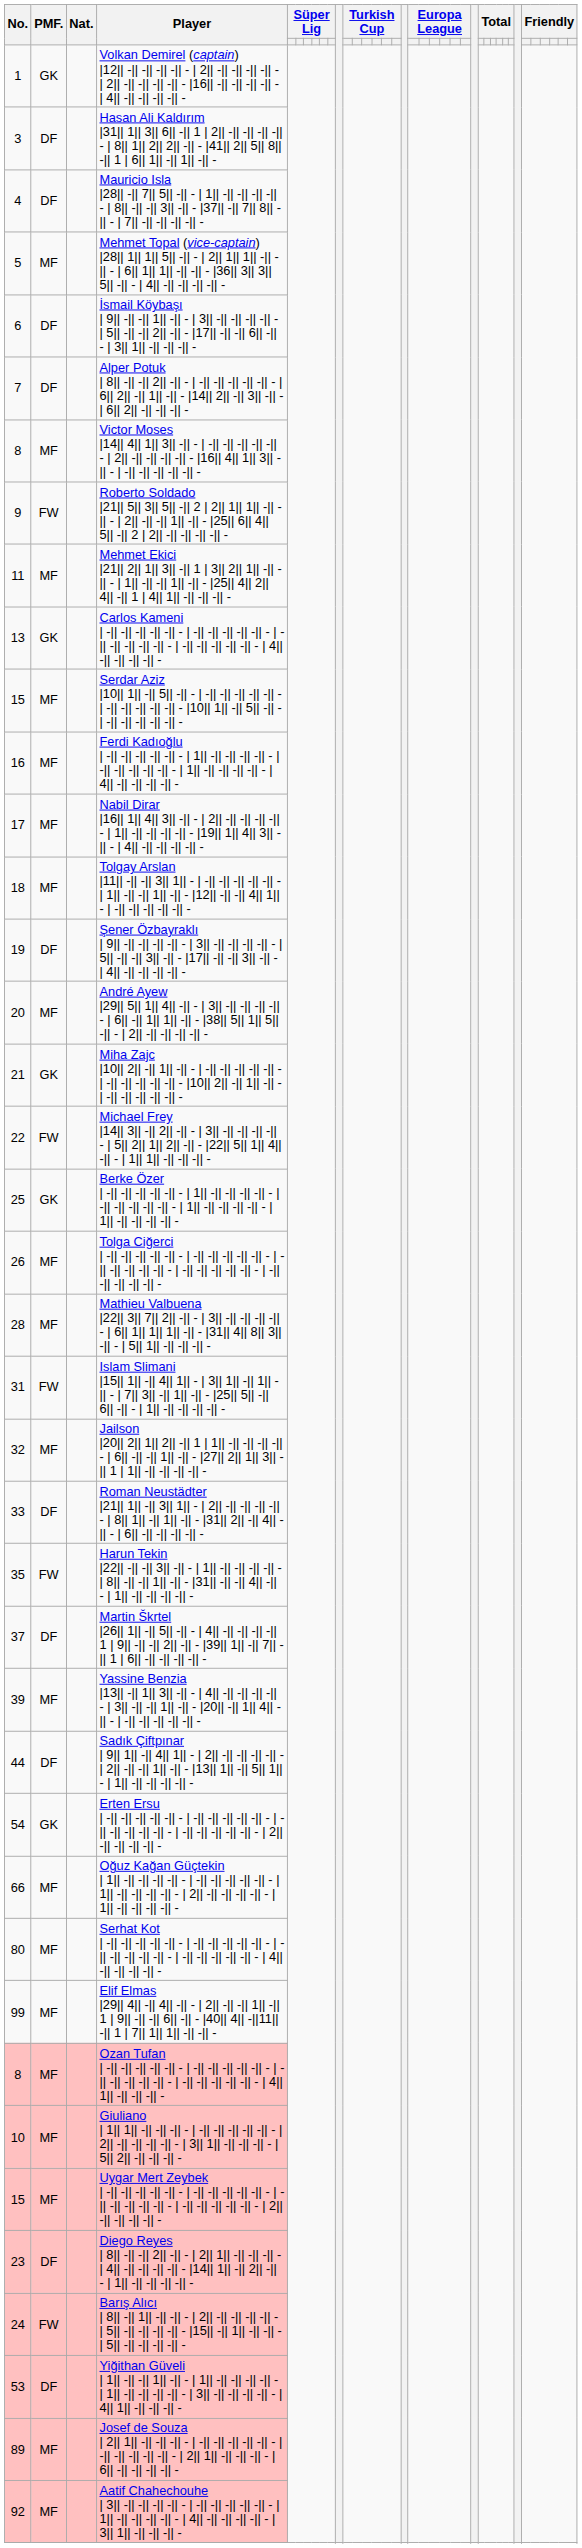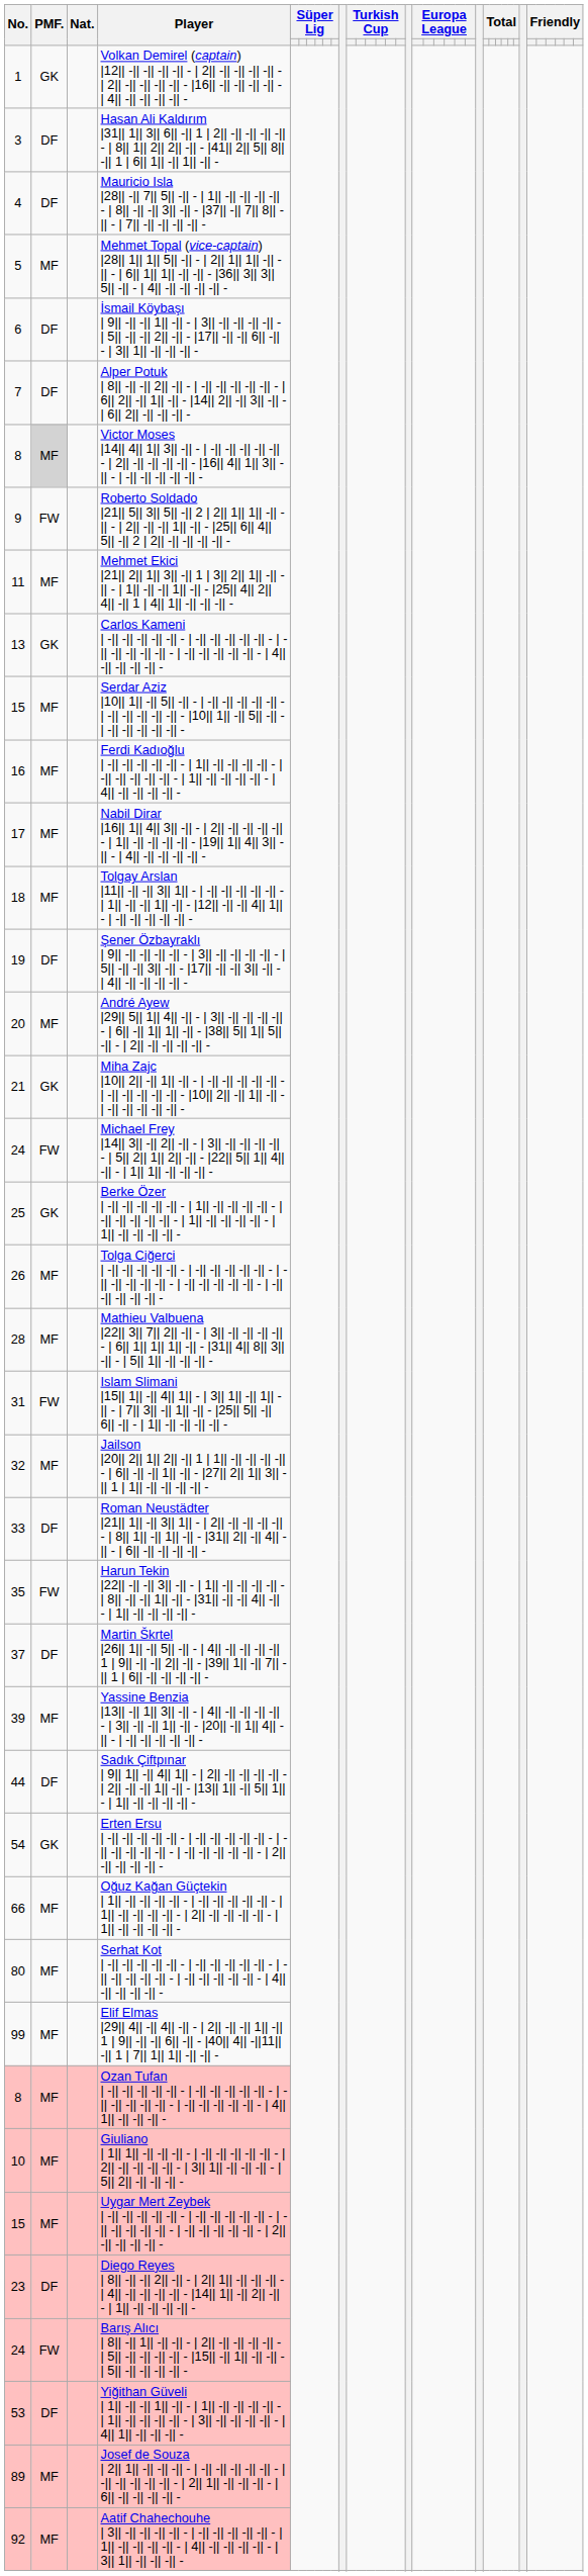 <table class="wikitable" style="text-align: center; font-size:85%;">
 <tr>
 <th rowspan="2">No.</th>
 <th rowspan="2">PMF.</th>
 <th rowspan="2">Nat.</th>
 <th rowspan="2">Player</th>
 <th colspan="6"><a href='#'>Süper Lig</a></th>
 <th rowspan="51" width="1"></th>
 <th colspan="6"><a href='#'>Turkish Cup</a></th>
 <th rowspan="51" width="1"></th>
 <th colspan="6"><a href='#'>Europa League</a></th>
 <th rowspan="51" width="1"></th>
 <th colspan="6">Total</th>
 <th rowspan="51" width="1"></th>
 <th colspan="6">Friendly</th>
 </tr>
 <tr class="unsortable">
 <th></th>
 <th></th>
 <th></th>
 <th></th>
 <th></th>
 <th></th>
 <th></th>
 <th></th>
 <th></th>
 <th></th>
 <th></th>
 <th></th>
 <th></th>
 <th></th>
 <th></th>
 <th></th>
 <th></th>
 <th></th>
 <th></th>
 <th></th>
 <th></th>
 <th></th>
 <th></th>
 <th></th>
 <th></th>
 <th></th>
 <th></th>
 <th></th>
 <th></th>
 <th></th>
 </tr>
 <tr>
 <td>1</td>
 <td>GK</td>
 <td></td>
 <td align=left><a href='#'>Volkan Demirel</a> (<em><a href='#'>captain</a></em>)<br>          |12|| -|| -|| -|| -|| -         | 2|| -|| -|| -|| -|| -       | 2|| -|| -|| -|| -|| -               |16|| -|| -|| -|| -|| -            | 4|| -|| -|| -|| -|| -</td>
 </tr>
 <tr>
 <td>3</td>
 <td>DF</td>
 <td></td>
 <td align=left><a href='#'>Hasan Ali Kaldırım</a><br>          |31|| 1|| 3|| 6|| -|| 1         | 2|| -|| -|| -|| -|| -       | 8|| 1|| 2|| 2|| -|| -               |41|| 2|| 5|| 8|| -|| 1            | 6|| 1|| -|| 1|| -|| -</td>
 </tr>
 <tr>
 <td>4</td>
 <td>DF</td>
 <td></td>
 <td align=left><a href='#'>Mauricio Isla</a><br>          |28|| -|| 7|| 5|| -|| -         | 1|| -|| -|| -|| -|| -       | 8|| -|| -|| 3|| -|| -               |37|| -|| 7|| 8|| -|| -            | 7|| -|| -|| -|| -|| -</td>
 </tr>
 <tr>
 <td>5</td>
 <td>MF</td>
 <td></td>
 <td align=left><a href='#'>Mehmet Topal</a> (<em><a href='#'>vice-captain</a></em>)<br>          |28|| 1|| 1|| 5|| -|| -         | 2|| 1|| 1|| -|| -|| -       | 6|| 1|| 1|| -|| -|| -               |36|| 3|| 3|| 5|| -|| -            | 4|| -|| -|| -|| -|| -</td>
 </tr>
 <tr>
 <td>6</td>
 <td>DF</td>
 <td></td>
 <td align=left><a href='#'>İsmail Köybaşı</a><br>          | 9|| -|| -|| 1|| -|| -         | 3|| -|| -|| -|| -|| -       | 5|| -|| -|| 2|| -|| -               |17|| -|| -|| 6|| -|| -            | 3|| 1|| -|| -|| -|| -</td>
 </tr>
 <tr>
 <td>7</td>
 <td>DF</td>
 <td></td>
 <td align=left><a href='#'>Alper Potuk</a><br>          | 8|| -|| -|| 2|| -|| -         | -|| -|| -|| -|| -|| -       | 6|| 2|| -|| 1|| -|| -               |14|| 2|| -|| 3|| -|| -            | 6|| 2|| -|| -|| -|| -</td>
 </tr>
 <tr>
 <td>8</td>
-<td>MF</td>
+<td style="background: lightgrey;">MF</td>
 <td></td>
 <td align=left><a href='#'>Victor Moses</a><br>          |14|| 4|| 1|| 3|| -|| -         | -|| -|| -|| -|| -|| -       | 2|| -|| -|| -|| -|| -               |16|| 4|| 1|| 3|| -|| -            | -|| -|| -|| -|| -|| -</td>
 </tr>
 <tr>
 <td>9</td>
 <td>FW</td>
 <td></td>
 <td align=left><a href='#'>Roberto Soldado</a><br>          |21|| 5|| 3|| 5|| -|| 2         | 2|| 1|| 1|| -|| -|| -       | 2|| -|| -|| 1|| -|| -               |25|| 6|| 4|| 5|| -|| 2            | 2|| -|| -|| -|| -|| -</td>
 </tr>
 <tr>
 <td>11</td>
 <td>MF</td>
 <td></td>
 <td align=left><a href='#'>Mehmet Ekici</a><br>          |21|| 2|| 1|| 3|| -|| 1         | 3|| 2|| 1|| -|| -|| -       | 1|| -|| -|| 1|| -|| -               |25|| 4|| 2|| 4|| -|| 1            | 4|| 1|| -|| -|| -|| -</td>
 </tr>
 <tr>
 <td>13</td>
 <td>GK</td>
 <td></td>
 <td align=left><a href='#'>Carlos Kameni</a><br>          | -|| -|| -|| -|| -|| -         | -|| -|| -|| -|| -|| -       | -|| -|| -|| -|| -|| -               | -|| -|| -|| -|| -|| -            | 4|| -|| -|| -|| -|| -</td>
 </tr>
 <tr>
 <td>15</td>
 <td>MF</td>
 <td></td>
 <td align=left><a href='#'>Serdar Aziz</a><br>          |10|| 1|| -|| 5|| -|| -         | -|| -|| -|| -|| -|| -       | -|| -|| -|| -|| -|| -               |10|| 1|| -|| 5|| -|| -            | -|| -|| -|| -|| -|| -</td>
 </tr>
 <tr>
 <td>16</td>
 <td>MF</td>
 <td></td>
 <td align=left><a href='#'>Ferdi Kadıoğlu</a><br>          | -|| -|| -|| -|| -|| -         | 1|| -|| -|| -|| -|| -       | -|| -|| -|| -|| -|| -               | 1|| -|| -|| -|| -|| -            | 4|| -|| -|| -|| -|| -</td>
 </tr>
 <tr>
 <td>17</td>
 <td>MF</td>
 <td></td>
 <td align=left><a href='#'>Nabil Dirar</a><br>          |16|| 1|| 4|| 3|| -|| -         | 2|| -|| -|| -|| -|| -       | 1|| -|| -|| -|| -|| -               |19|| 1|| 4|| 3|| -|| -            | 4|| -|| -|| -|| -|| -</td>
 </tr>
 <tr>
 <td>18</td>
 <td>MF</td>
 <td></td>
 <td align=left><a href='#'>Tolgay Arslan</a><br>          |11|| -|| -|| 3|| 1|| -         | -|| -|| -|| -|| -|| -       | 1|| -|| -|| 1|| -|| -               |12|| -|| -|| 4|| 1|| -            | -|| -|| -|| -|| -|| -</td>
 </tr>
 <tr>
 <td>19</td>
 <td>DF</td>
 <td></td>
 <td align=left><a href='#'>Şener Özbayraklı</a><br>          | 9|| -|| -|| -|| -|| -         | 3|| -|| -|| -|| -|| -       | 5|| -|| -|| 3|| -|| -               |17|| -|| -|| 3|| -|| -            | 4|| -|| -|| -|| -|| -</td>
 </tr>
 <tr>
 <td>20</td>
 <td>MF</td>
 <td></td>
 <td align=left><a href='#'>André Ayew</a><br>          |29|| 5|| 1|| 4|| -|| -         | 3|| -|| -|| -|| -|| -       | 6|| -|| 1|| 1|| -|| -               |38|| 5|| 1|| 5|| -|| -            | 2|| -|| -|| -|| -|| -</td>
 </tr>
 <tr>
 <td>21</td>
 <td>GK</td>
 <td></td>
 <td align=left><a href='#'>Miha Zajc</a><br>          |10|| 2|| -|| 1|| -|| -         | -|| -|| -|| -|| -|| -       | -|| -|| -|| -|| -|| -               |10|| 2|| -|| 1|| -|| -            | -|| -|| -|| -|| -|| -</td>
 </tr>
 <tr>
-<td>22</td>
+<td>24</td>
 <td>FW</td>
 <td></td>
 <td align=left><a href='#'>Michael Frey</a><br>          |14|| 3|| -|| 2|| -|| -         | 3|| -|| -|| -|| -|| -       | 5|| 2|| 1|| 2|| -|| -               |22|| 5|| 1|| 4|| -|| -            | 1|| 1|| -|| -|| -|| -</td>
 </tr>
 <tr>
 <td>25</td>
 <td>GK</td>
 <td></td>
 <td align=left><a href='#'>Berke Özer</a><br>          | -|| -|| -|| -|| -|| -         | 1|| -|| -|| -|| -|| -       | -|| -|| -|| -|| -|| -               | 1|| -|| -|| -|| -|| -            | 1|| -|| -|| -|| -|| -</td>
 </tr>
 <tr>
 <td>26</td>
 <td>MF</td>
 <td></td>
 <td align=left><a href='#'>Tolga Ciğerci</a><br>          | -|| -|| -|| -|| -|| -         | -|| -|| -|| -|| -|| -       | -|| -|| -|| -|| -|| -               | -|| -|| -|| -|| -|| -            | -|| -|| -|| -|| -|| -</td>
 </tr>
 <tr>
 <td>28</td>
 <td>MF</td>
 <td></td>
 <td align=left><a href='#'>Mathieu Valbuena</a><br>          |22|| 3|| 7|| 2|| -|| -         | 3|| -|| -|| -|| -|| -       | 6|| 1|| 1|| 1|| -|| -               |31|| 4|| 8|| 3|| -|| -            | 5|| 1|| -|| -|| -|| -</td>
 </tr>
 <tr>
 <td>31</td>
 <td>FW</td>
 <td></td>
 <td align=left><a href='#'>Islam Slimani</a><br>          |15|| 1|| -|| 4|| 1|| -         | 3|| 1|| -|| 1|| -|| -       | 7|| 3|| -|| 1|| -|| -               |25|| 5|| -|| 6|| -|| -            | 1|| -|| -|| -|| -|| -</td>
 </tr>
 <tr>
 <td>32</td>
 <td>MF</td>
 <td></td>
 <td align=left><a href='#'>Jailson</a><br>          |20|| 2|| 1|| 2|| -|| 1         | 1|| -|| -|| -|| -|| -       | 6|| -|| -|| 1|| -|| -               |27|| 2|| 1|| 3|| -|| 1            | 1|| -|| -|| -|| -|| -</td>
 </tr>
 <tr>
 <td>33</td>
 <td>DF</td>
 <td></td>
 <td align=left><a href='#'>Roman Neustädter</a><br>          |21|| 1|| -|| 3|| 1|| -         | 2|| -|| -|| -|| -|| -       | 8|| 1|| -|| 1|| -|| -               |31|| 2|| -|| 4|| -|| -            | 6|| -|| -|| -|| -|| -</td>
 </tr>
 <tr>
 <td>35</td>
 <td>FW</td>
 <td></td>
 <td align=left><a href='#'>Harun Tekin</a><br>          |22|| -|| -|| 3|| -|| -         | 1|| -|| -|| -|| -|| -       | 8|| -|| -|| 1|| -|| -               |31|| -|| -|| 4|| -|| -            | 1|| -|| -|| -|| -|| -</td>
 </tr>
 <tr>
 <td>37</td>
 <td>DF</td>
 <td></td>
 <td align=left><a href='#'>Martin Škrtel</a><br>          |26|| 1|| -|| 5|| -|| -         | 4|| -|| -|| -|| -|| 1       | 9|| -|| -|| 2|| -|| -               |39|| 1|| -|| 7|| -|| 1            | 6|| -|| -|| -|| -|| -</td>
 </tr>
 <tr>
 <td>39</td>
 <td>MF</td>
 <td></td>
 <td align=left><a href='#'>Yassine Benzia</a><br>          |13|| -|| 1|| 3|| -|| -         | 4|| -|| -|| -|| -|| -       | 3|| -|| -|| 1|| -|| -               |20|| -|| 1|| 4|| -|| -            | -|| -|| -|| -|| -|| -</td>
 </tr>
 <tr>
 <td>44</td>
 <td>DF</td>
 <td></td>
 <td align=left><a href='#'>Sadık Çiftpınar</a><br>          | 9|| 1|| -|| 4|| 1|| -         | 2|| -|| -|| -|| -|| -       | 2|| -|| -|| 1|| -|| -               |13|| 1|| -|| 5|| 1|| -            | 1|| -|| -|| -|| -|| -</td>
 </tr>
 <tr>
 <td>54</td>
 <td>GK</td>
 <td></td>
 <td align=left><a href='#'>Erten Ersu</a><br>          | -|| -|| -|| -|| -|| -         | -|| -|| -|| -|| -|| -       | -|| -|| -|| -|| -|| -               | -|| -|| -|| -|| -|| -            | 2|| -|| -|| -|| -|| -</td>
 </tr>
 <tr>
 <td>66</td>
 <td>MF</td>
 <td></td>
 <td align=left><a href='#'>Oğuz Kağan Güçtekin</a><br>          | 1|| -|| -|| -|| -|| -         | -|| -|| -|| -|| -|| -       | 1|| -|| -|| -|| -|| -               | 2|| -|| -|| -|| -|| -            | 1|| -|| -|| -|| -|| -</td>
 </tr>
 <tr>
 <td>80</td>
 <td>MF</td>
 <td></td>
 <td align=left><a href='#'>Serhat Kot</a><br>          | -|| -|| -|| -|| -|| -         | -|| -|| -|| -|| -|| -       | -|| -|| -|| -|| -|| -               | -|| -|| -|| -|| -|| -            | 4|| -|| -|| -|| -|| -</td>
 </tr>
 <tr>
 <td>99</td>
 <td>MF</td>
 <td></td>
 <td align=left><a href='#'>Elif Elmas</a><br>          |29|| 4|| -|| 4|| -|| -         | 2|| -|| -|| 1|| -|| 1       | 9|| -|| -|| 6|| -|| -               |40|| 4|| -||11|| -|| 1            | 7|| 1|| 1|| -|| -|| -</td>
 </tr>
 <tr bgcolor=#ffchch>
 <td>8</td>
 <td>MF</td>
 <td></td>
 <td align=left><a href='#'>Ozan Tufan</a><br>          | -|| -|| -|| -|| -|| -         | -|| -|| -|| -|| -|| -       | -|| -|| -|| -|| -|| -               | -|| -|| -|| -|| -|| -            | 4|| 1|| -|| -|| -|| -</td>
 </tr>
 <tr bgcolor=#ffchch>
 <td>10</td>
 <td>MF</td>
 <td></td>
 <td align=left><a href='#'>Giuliano</a><br>          | 1|| 1|| -|| -|| -|| -         | -|| -|| -|| -|| -|| -       | 2|| -|| -|| -|| -|| -               | 3|| 1|| -|| -|| -|| -            | 5|| 2|| -|| -|| -|| -</td>
 </tr>
 <tr bgcolor=#ffchch>
 <td>15</td>
 <td>MF</td>
 <td></td>
 <td align=left><a href='#'>Uygar Mert Zeybek</a><br>          | -|| -|| -|| -|| -|| -         | -|| -|| -|| -|| -|| -       | -|| -|| -|| -|| -|| -               | -|| -|| -|| -|| -|| -            | 2|| -|| -|| -|| -|| -</td>
 </tr>
 <tr bgcolor=#ffchch>
 <td>23</td>
 <td>DF</td>
 <td></td>
 <td align=left><a href='#'>Diego Reyes</a><br>          | 8|| -|| -|| 2|| -|| -         | 2|| 1|| -|| -|| -|| -       | 4|| -|| -|| -|| -|| -               |14|| 1|| -|| 2|| -|| -            | 1|| -|| -|| -|| -|| -</td>
 </tr>
 <tr bgcolor=#ffchch>
 <td>24</td>
 <td>FW</td>
 <td></td>
 <td align=left><a href='#'>Barış Alıcı</a><br>          | 8|| -|| 1|| -|| -|| -         | 2|| -|| -|| -|| -|| -       | 5|| -|| -|| -|| -|| -               |15|| -|| 1|| -|| -|| -            | 5|| -|| -|| -|| -|| -</td>
 </tr>
 <tr bgcolor=#ffchch>
 <td>53</td>
 <td>DF</td>
 <td></td>
 <td align=left><a href='#'>Yiğithan Güveli</a><br>          | 1|| -|| -|| 1|| -|| -         | 1|| -|| -|| -|| -|| -       | 1|| -|| -|| -|| -|| -               | 3|| -|| -|| -|| -|| -            | 4|| 1|| -|| -|| -|| -</td>
 </tr>
 <tr bgcolor=#ffchch>
 <td>89</td>
 <td>MF</td>
 <td></td>
 <td align=left><a href='#'>Josef de Souza</a><br>          | 2|| 1|| -|| -|| -|| -         | -|| -|| -|| -|| -|| -       | -|| -|| -|| -|| -|| -               | 2|| 1|| -|| -|| -|| -            | 6|| -|| -|| -|| -|| -</td>
 </tr>
 <tr bgcolor=#ffchch>
 <td>92</td>
 <td>MF</td>
 <td></td>
 <td align=left><a href='#'>Aatif Chahechouhe</a><br>          | 3|| -|| -|| -|| -|| -         | -|| -|| -|| -|| -|| -       | 1|| -|| -|| -|| -|| -               | 4|| -|| -|| -|| -|| -            | 3|| 1|| -|| -|| -|| -</td>
 </tr>
 <tr>
 </tr>
 </table>
